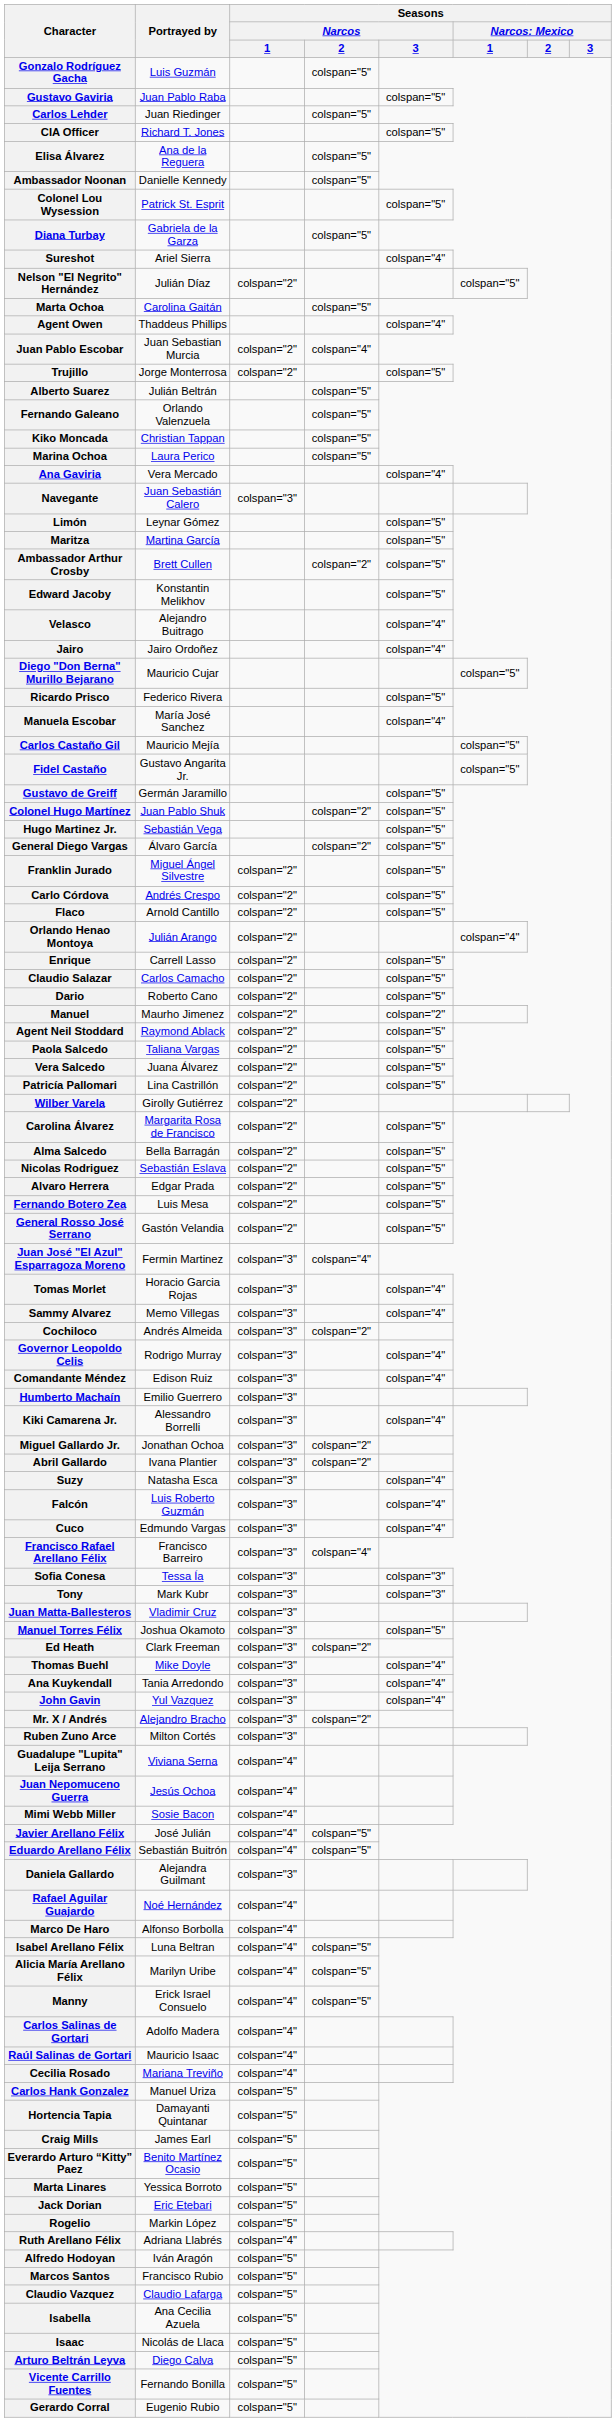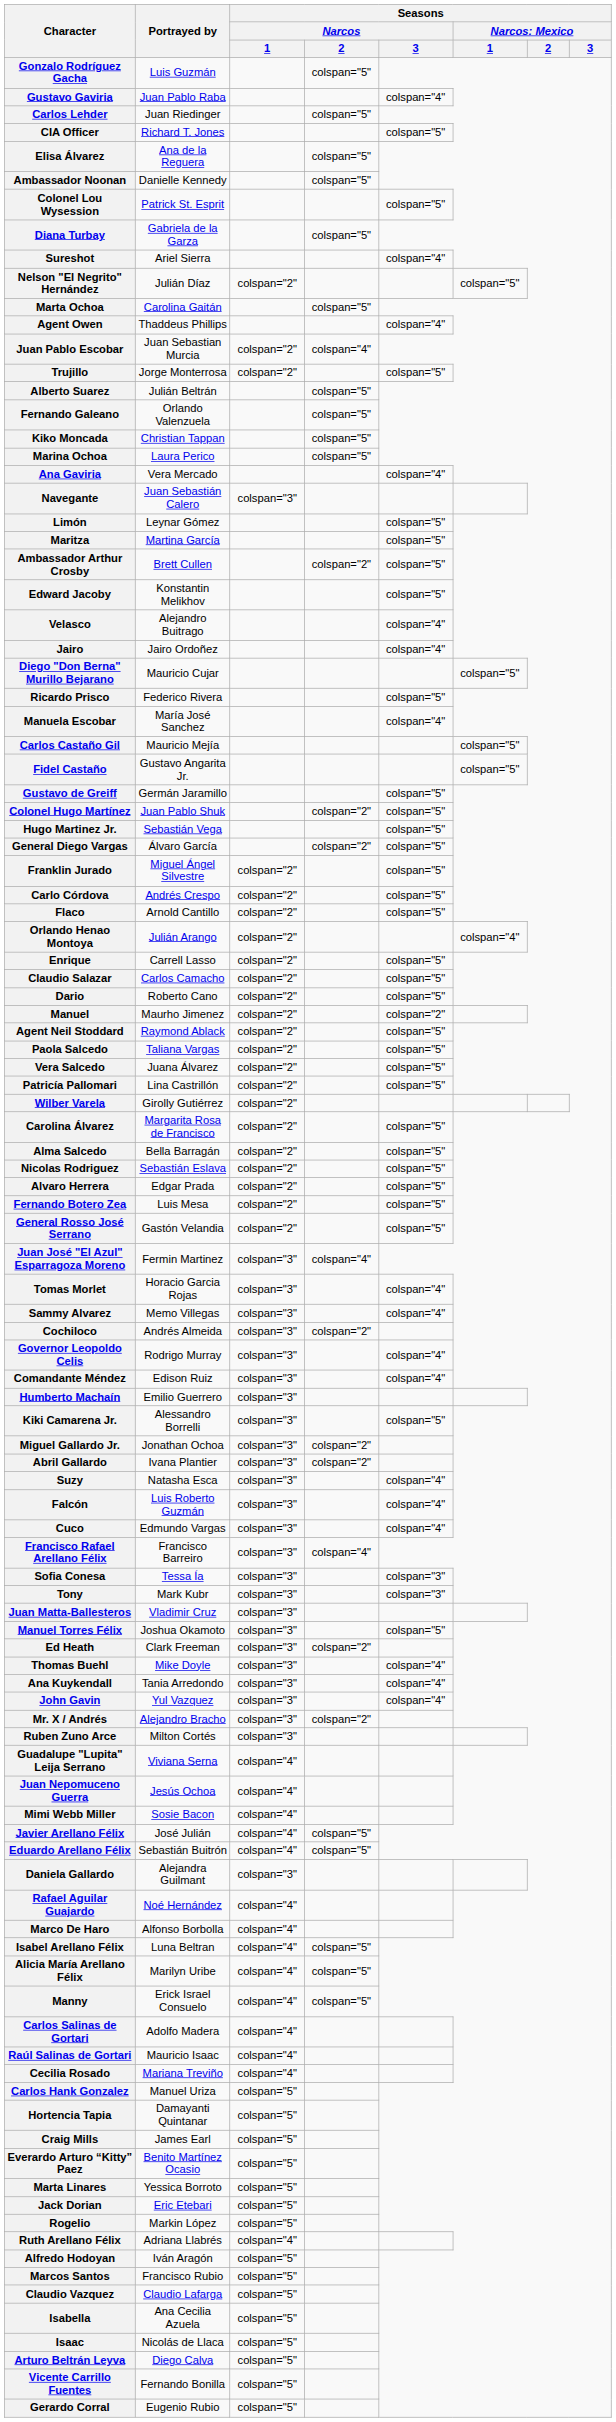 <table class="wikitable plainrowheaders" style="text-align:center;">
 <tr>
 <th scope="col" rowspan="3" style="width: 300px;">Character</th>
 <th scope="col" rowspan="3" style="width: 200px;">Portrayed by</th>
 <th scope="col" colspan="6">Seasons</th>
 </tr>
 <tr>
 <th colspan="3"><em><a href='#'>Narcos</a></em></th>
 <th colspan="3"><em><a href='#'>Narcos: Mexico</a></em></th>
 </tr>
 <tr>
 <th scope="col" style="width: 120px;"><a href='#'>1</a></th>
 <th scope="col" style="width: 120px;"><a href='#'>2</a></th>
 <th scope="col" style="width: 120px;"><a href='#'>3</a></th>
 <th scope="col" style="width: 120px;"><a href='#'>1</a></th>
 <th scope="col" style="width: 120px;"><a href='#'>2</a></th>
 <th scope="col" style="width: 120px;"><a href='#'>3</a></th>
 </tr>
 <tr>
 <th scope="row"><a href='#'>Gonzalo Rodríguez Gacha</a></th>
 <td><a href='#'>Luis Guzmán</a></td>
 <td></td>
 <td>colspan="5" </td>
 </tr>
 <tr>
 <th scope="row"><a href='#'>Gustavo Gaviria</a></th>
 <td><a href='#'>Juan Pablo Raba</a></td>
 <td></td>
 <td></td>
-<td>colspan="5" </td>
+<td>colspan="4" </td>
 </tr>
 <tr>
 <th scope="row"><a href='#'>Carlos Lehder</a></th>
 <td>Juan Riedinger</td>
 <td></td>
 <td>colspan="5" </td>
 </tr>
 <tr>
 <th scope="row">CIA Officer</th>
 <td><a href='#'>Richard T. Jones</a></td>
 <td></td>
 <td></td>
 <td>colspan="5" </td>
 </tr>
 <tr>
 <th scope="row">Elisa Álvarez</th>
 <td><a href='#'>Ana de la Reguera</a></td>
 <td></td>
 <td>colspan="5" </td>
 </tr>
 <tr>
 <th scope="row">Ambassador Noonan</th>
 <td>Danielle Kennedy</td>
 <td></td>
 <td>colspan="5" </td>
 </tr>
 <tr>
 <th scope="row">Colonel Lou Wysession</th>
 <td><a href='#'>Patrick St. Esprit</a></td>
 <td></td>
 <td></td>
 <td>colspan="5" </td>
 </tr>
 <tr>
 <th scope="row"><a href='#'>Diana Turbay</a></th>
 <td><a href='#'>Gabriela de la Garza</a></td>
 <td></td>
 <td>colspan="5" </td>
 </tr>
 <tr>
 <th scope="row">Sureshot</th>
 <td>Ariel Sierra</td>
 <td></td>
 <td></td>
 <td>colspan="4" </td>
 </tr>
 <tr>
 <th scope="row">Nelson "El Negrito" Hernández</th>
 <td>Julián Díaz</td>
 <td>colspan="2" </td>
 <td></td>
 <td></td>
 <td>colspan="5" </td>
 </tr>
 <tr>
 <th scope="row">Marta Ochoa</th>
 <td><a href='#'>Carolina Gaitán</a></td>
 <td></td>
 <td>colspan="5" </td>
 </tr>
 <tr>
 <th scope="row">Agent Owen</th>
 <td>Thaddeus Phillips</td>
 <td></td>
 <td></td>
 <td>colspan="4" </td>
 </tr>
 <tr>
 <th scope="row">Juan Pablo Escobar</th>
 <td>Juan Sebastian Murcia</td>
 <td>colspan="2" </td>
 <td>colspan="4" </td>
 </tr>
 <tr>
 <th scope="row">Trujillo</th>
 <td>Jorge Monterrosa</td>
 <td>colspan="2" </td>
 <td></td>
 <td>colspan="5" </td>
 </tr>
 <tr>
 <th scope="row">Alberto Suarez</th>
 <td>Julián Beltrán</td>
 <td></td>
 <td>colspan="5" </td>
 </tr>
 <tr>
 <th scope="row">Fernando Galeano</th>
 <td>Orlando Valenzuela</td>
 <td></td>
 <td>colspan="5" </td>
 </tr>
 <tr>
 <th scope="row">Kiko Moncada</th>
 <td><a href='#'>Christian Tappan</a></td>
 <td></td>
 <td>colspan="5" </td>
 </tr>
 <tr>
 <th scope="row">Marina Ochoa</th>
 <td><a href='#'>Laura Perico</a></td>
 <td></td>
 <td>colspan="5" </td>
 </tr>
 <tr>
 <th scope="row"><a href='#'>Ana Gaviria</a></th>
 <td>Vera Mercado</td>
 <td></td>
 <td></td>
 <td>colspan="4" </td>
 </tr>
 <tr>
 <th scope="row">Navegante</th>
 <td><a href='#'>Juan Sebastián Calero</a></td>
 <td>colspan="3" </td>
 <td></td>
 <td></td>
 <td></td>
 </tr>
 <tr>
 <th scope="row">Limón</th>
 <td>Leynar Gómez</td>
 <td></td>
 <td></td>
 <td>colspan="5" </td>
 </tr>
 <tr>
 <th scope="row">Maritza</th>
 <td><a href='#'>Martina García</a></td>
 <td></td>
 <td></td>
 <td>colspan="5" </td>
 </tr>
 <tr>
 <th scope="row">Ambassador Arthur Crosby</th>
 <td><a href='#'>Brett Cullen</a></td>
 <td></td>
 <td>colspan="2" </td>
 <td>colspan="5" </td>
 </tr>
 <tr>
 <th scope="row">Edward Jacoby</th>
 <td>Konstantin Melikhov</td>
 <td></td>
 <td></td>
 <td>colspan="5" </td>
 </tr>
 <tr>
 <th scope="row">Velasco</th>
 <td>Alejandro Buitrago</td>
 <td></td>
 <td></td>
 <td>colspan="4" </td>
 </tr>
 <tr>
 <th scope="row">Jairo</th>
 <td>Jairo Ordoñez</td>
 <td></td>
 <td></td>
 <td>colspan="4" </td>
 </tr>
 <tr>
 <th scope="row"><a href='#'>Diego "Don Berna" Murillo Bejarano</a></th>
 <td>Mauricio Cujar</td>
 <td></td>
 <td></td>
 <td></td>
 <td>colspan="5" </td>
 </tr>
 <tr>
 <th scope="row">Ricardo Prisco</th>
 <td>Federico Rivera</td>
 <td></td>
 <td></td>
 <td>colspan="5" </td>
 </tr>
 <tr>
 <th scope="row">Manuela Escobar</th>
 <td>María José Sanchez</td>
 <td></td>
 <td></td>
 <td>colspan="4" </td>
 </tr>
 <tr>
 <th scope="row"><a href='#'>Carlos Castaño Gil</a></th>
 <td>Mauricio Mejía</td>
 <td></td>
 <td></td>
 <td></td>
 <td>colspan="5" </td>
 </tr>
 <tr>
 <th scope="row"><a href='#'>Fidel Castaño</a></th>
 <td>Gustavo Angarita Jr.</td>
 <td></td>
 <td></td>
 <td></td>
 <td>colspan="5" </td>
 </tr>
 <tr>
 <th scope="row"><a href='#'>Gustavo de Greiff</a></th>
 <td>Germán Jaramillo</td>
 <td></td>
 <td></td>
 <td>colspan="5" </td>
 </tr>
 <tr>
 <th scope="row"><a href='#'>Colonel Hugo Martínez</a></th>
 <td><a href='#'>Juan Pablo Shuk</a></td>
 <td></td>
 <td>colspan="2" </td>
 <td>colspan="5" </td>
 </tr>
 <tr>
 <th scope="row">Hugo Martinez Jr.</th>
 <td><a href='#'>Sebastián Vega</a></td>
 <td></td>
 <td></td>
 <td>colspan="5" </td>
 </tr>
 <tr>
 <th scope="row">General Diego Vargas</th>
 <td>Álvaro García</td>
 <td></td>
 <td>colspan="2" </td>
 <td>colspan="5" </td>
 </tr>
 <tr>
 <th scope="row">Franklin Jurado</th>
 <td><a href='#'>Miguel Ángel Silvestre</a></td>
 <td>colspan="2" </td>
 <td></td>
 <td>colspan="5" </td>
 </tr>
 <tr>
 <th scope="row">Carlo Córdova</th>
 <td><a href='#'>Andrés Crespo</a></td>
 <td>colspan="2" </td>
 <td></td>
 <td>colspan="5" </td>
 </tr>
 <tr>
 <th scope="row">Flaco</th>
 <td>Arnold Cantillo</td>
 <td>colspan="2" </td>
 <td></td>
 <td>colspan="5" </td>
 </tr>
 <tr>
 <th scope="row">Orlando Henao Montoya</th>
 <td><a href='#'>Julián Arango</a></td>
 <td>colspan="2" </td>
 <td></td>
 <td></td>
 <td>colspan="4" </td>
 </tr>
 <tr>
 <th scope="row">Enrique</th>
 <td>Carrell Lasso</td>
 <td>colspan="2" </td>
 <td></td>
 <td>colspan="5" </td>
 </tr>
 <tr>
 <th scope="row">Claudio Salazar</th>
 <td><a href='#'>Carlos Camacho</a></td>
 <td>colspan="2" </td>
 <td></td>
 <td>colspan="5" </td>
 </tr>
 <tr>
 <th scope="row">Dario</th>
 <td>Roberto Cano</td>
 <td>colspan="2" </td>
 <td></td>
 <td>colspan="5" </td>
 </tr>
 <tr>
 <th scope="row">Manuel</th>
 <td>Maurho Jimenez</td>
 <td>colspan="2" </td>
 <td></td>
 <td>colspan="2" </td>
 <td></td>
 </tr>
 <tr>
 <th scope="row">Agent Neil Stoddard</th>
 <td><a href='#'>Raymond Ablack</a></td>
 <td>colspan="2" </td>
 <td></td>
 <td>colspan="5" </td>
 </tr>
 <tr>
 <th scope="row">Paola Salcedo</th>
 <td><a href='#'>Taliana Vargas</a></td>
 <td>colspan="2" </td>
 <td></td>
 <td>colspan="5" </td>
 </tr>
 <tr>
 <th scope="row">Vera Salcedo</th>
 <td>Juana Álvarez</td>
 <td>colspan="2" </td>
 <td></td>
 <td>colspan="5" </td>
 </tr>
 <tr>
 <th scope="row">Patricía Pallomari</th>
 <td>Lina Castrillón</td>
 <td>colspan="2" </td>
 <td></td>
 <td>colspan="5" </td>
 </tr>
 <tr>
 <th scope="row"><a href='#'>Wilber Varela</a></th>
 <td>Girolly Gutiérrez</td>
 <td>colspan="2" </td>
 <td></td>
 <td></td>
 <td></td>
 <td></td>
 </tr>
 <tr>
 <th scope="row">Carolina Álvarez</th>
 <td><a href='#'>Margarita Rosa de Francisco</a></td>
 <td>colspan="2" </td>
 <td></td>
 <td>colspan="5" </td>
 </tr>
 <tr>
 <th scope="row">Alma Salcedo</th>
 <td>Bella Barragán</td>
 <td>colspan="2" </td>
 <td></td>
 <td>colspan="5" </td>
 </tr>
 <tr>
 <th scope="row">Nicolas Rodriguez</th>
 <td><a href='#'>Sebastián Eslava</a></td>
 <td>colspan="2" </td>
 <td></td>
 <td>colspan="5" </td>
 </tr>
 <tr>
 <th scope="row">Alvaro Herrera</th>
 <td>Edgar Prada</td>
 <td>colspan="2" </td>
 <td></td>
 <td>colspan="5" </td>
 </tr>
 <tr>
 <th scope="row"><a href='#'>Fernando Botero Zea</a></th>
 <td>Luis Mesa</td>
 <td>colspan="2" </td>
 <td></td>
 <td>colspan="5" </td>
 </tr>
 <tr>
 <th scope="row"><a href='#'>General Rosso José Serrano</a></th>
 <td>Gastón Velandia</td>
 <td>colspan="2" </td>
 <td></td>
 <td>colspan="5" </td>
 </tr>
 <tr>
 <th scope="row"><a href='#'>Juan José "El Azul" Esparragoza Moreno</a></th>
 <td>Fermin Martinez</td>
 <td>colspan="3" </td>
 <td>colspan="4" </td>
 </tr>
 <tr>
 <th scope="row">Tomas Morlet</th>
 <td>Horacio Garcia Rojas</td>
 <td>colspan="3" </td>
 <td></td>
 <td>colspan="4" </td>
 </tr>
 <tr>
 <th scope="row">Sammy Alvarez</th>
 <td>Memo Villegas</td>
 <td>colspan="3" </td>
 <td></td>
 <td>colspan="4" </td>
 </tr>
 <tr>
 <th scope="row">Cochiloco</th>
 <td>Andrés Almeida</td>
 <td>colspan="3" </td>
 <td>colspan="2" </td>
 <td></td>
 </tr>
 <tr>
 <th scope="row"><a href='#'>Governor Leopoldo Celis</a></th>
 <td>Rodrigo Murray</td>
 <td>colspan="3" </td>
 <td></td>
 <td>colspan="4" </td>
 </tr>
 <tr>
 <th scope="row">Comandante Méndez</th>
 <td>Edison Ruiz</td>
 <td>colspan="3" </td>
 <td></td>
 <td>colspan="4" </td>
 </tr>
 <tr>
 <th scope="row"><a href='#'>Humberto Machaín</a></th>
 <td>Emilio Guerrero</td>
 <td>colspan="3" </td>
 <td></td>
 <td></td>
 <td></td>
 </tr>
 <tr>
 <th scope="row">Kiki Camarena Jr.</th>
 <td>Alessandro Borrelli</td>
 <td>colspan="3" </td>
 <td></td>
-<td>colspan="4" </td>
+<td>colspan="5" </td>
 </tr>
 <tr>
 <th scope="row">Miguel Gallardo Jr.</th>
 <td>Jonathan Ochoa</td>
 <td>colspan="3" </td>
 <td>colspan="2" </td>
 <td></td>
 </tr>
 <tr>
 <th scope="row">Abril Gallardo</th>
 <td>Ivana Plantier</td>
 <td>colspan="3" </td>
 <td>colspan="2" </td>
 <td></td>
 </tr>
 <tr>
 <th scope="row">Suzy</th>
 <td>Natasha Esca</td>
 <td>colspan="3" </td>
 <td></td>
 <td>colspan="4" </td>
 </tr>
 <tr>
 <th scope="row">Falcón</th>
 <td><a href='#'>Luis Roberto Guzmán</a></td>
 <td>colspan="3" </td>
 <td></td>
 <td>colspan="4" </td>
 </tr>
 <tr>
 <th scope="row">Cuco</th>
 <td>Edmundo Vargas</td>
 <td>colspan="3" </td>
 <td></td>
 <td>colspan="4" </td>
 </tr>
 <tr>
 <th scope="row"><a href='#'>Francisco Rafael Arellano Félix</a></th>
 <td>Francisco Barreiro</td>
 <td>colspan="3" </td>
 <td>colspan="4" </td>
 </tr>
 <tr>
 <th scope="row">Sofia Conesa</th>
 <td><a href='#'>Tessa Ía</a></td>
 <td>colspan="3" </td>
 <td></td>
 <td>colspan="3" </td>
 </tr>
 <tr>
 <th scope="row">Tony</th>
 <td>Mark Kubr</td>
 <td>colspan="3" </td>
 <td></td>
 <td>colspan="3" </td>
 </tr>
 <tr>
 <th scope="row"><a href='#'>Juan Matta-Ballesteros</a></th>
 <td><a href='#'>Vladimir Cruz</a></td>
 <td>colspan="3" </td>
 <td></td>
 <td></td>
 <td></td>
 </tr>
 <tr>
 <th scope="row"><a href='#'>Manuel Torres Félix</a></th>
 <td>Joshua Okamoto</td>
 <td>colspan="3" </td>
 <td></td>
 <td>colspan="5" </td>
 </tr>
 <tr>
 <th scope="row">Ed Heath</th>
 <td>Clark Freeman</td>
 <td>colspan="3" </td>
 <td>colspan="2" </td>
 <td></td>
 </tr>
 <tr>
 <th scope="row">Thomas Buehl</th>
 <td><a href='#'>Mike Doyle</a></td>
 <td>colspan="3" </td>
 <td></td>
 <td>colspan="4" </td>
 </tr>
 <tr>
 <th scope="row">Ana Kuykendall</th>
 <td>Tania Arredondo</td>
 <td>colspan="3" </td>
 <td></td>
 <td>colspan="4" </td>
 </tr>
 <tr>
 <th scope="row"><a href='#'>John Gavin</a></th>
 <td><a href='#'>Yul Vazquez</a></td>
 <td>colspan="3" </td>
 <td></td>
 <td>colspan="4" </td>
 </tr>
 <tr>
 <th scope="row">Mr. X / Andrés</th>
 <td><a href='#'>Alejandro Bracho</a></td>
 <td>colspan="3" </td>
 <td>colspan="2" </td>
 <td></td>
 </tr>
 <tr>
 <th scope="row">Ruben Zuno Arce</th>
 <td>Milton Cortés</td>
 <td>colspan="3" </td>
 <td></td>
 <td></td>
 <td></td>
 </tr>
 <tr>
 <th scope="row">Guadalupe "Lupita" Leija Serrano</th>
 <td><a href='#'>Viviana Serna</a></td>
 <td>colspan="4" </td>
 <td></td>
 <td></td>
 </tr>
 <tr>
 <th scope="row"><a href='#'>Juan Nepomuceno Guerra</a></th>
 <td><a href='#'>Jesús Ochoa</a></td>
 <td>colspan="4" </td>
 <td></td>
 <td></td>
 </tr>
 <tr>
 <th scope="row">Mimi Webb Miller</th>
 <td><a href='#'>Sosie Bacon</a></td>
 <td>colspan="4" </td>
 <td></td>
 <td></td>
 </tr>
 <tr>
 <th scope="row"><a href='#'>Javier Arellano Félix</a></th>
 <td>José Julián</td>
 <td>colspan="4" </td>
 <td>colspan="5" </td>
 </tr>
 <tr>
 <th scope="row"><a href='#'>Eduardo Arellano Félix</a></th>
 <td>Sebastián Buitrón</td>
 <td>colspan="4" </td>
 <td>colspan="5" </td>
 </tr>
 <tr>
 <th scope="row">Daniela Gallardo</th>
 <td>Alejandra Guilmant</td>
 <td>colspan="3" </td>
 <td></td>
 <td></td>
 <td></td>
 </tr>
 <tr>
 <th scope="row"><a href='#'>Rafael Aguilar Guajardo</a></th>
 <td><a href='#'>Noé Hernández</a></td>
 <td>colspan="4" </td>
 <td></td>
 <td></td>
 </tr>
 <tr>
 <th scope="row">Marco De Haro</th>
 <td>Alfonso Borbolla</td>
 <td>colspan="4" </td>
 <td></td>
 <td></td>
 </tr>
 <tr>
 <th scope="row">Isabel Arellano Félix</th>
 <td>Luna Beltran</td>
 <td>colspan="4" </td>
 <td>colspan="5" </td>
 </tr>
 <tr>
 <th scope="row">Alicia María Arellano Félix</th>
 <td>Marilyn Uribe</td>
 <td>colspan="4" </td>
 <td>colspan="5" </td>
 </tr>
 <tr>
 <th scope="row">Manny</th>
 <td>Erick Israel Consuelo</td>
 <td>colspan="4" </td>
 <td>colspan="5" </td>
 </tr>
 <tr>
 <th scope="row"><a href='#'>Carlos Salinas de Gortari</a></th>
 <td>Adolfo Madera</td>
 <td>colspan="4" </td>
 <td></td>
 <td></td>
 </tr>
 <tr>
 <th scope="row"><a href='#'>Raúl Salinas de Gortari</a></th>
 <td>Mauricio Isaac</td>
 <td>colspan="4" </td>
 <td></td>
 <td></td>
 </tr>
 <tr>
 <th scope="row">Cecilia Rosado</th>
 <td><a href='#'>Mariana Treviño</a></td>
 <td>colspan="4" </td>
 <td></td>
 <td></td>
 </tr>
 <tr>
 <th scope="row"><a href='#'>Carlos Hank Gonzalez</a></th>
 <td>Manuel Uriza</td>
 <td>colspan="5" </td>
 <td></td>
 </tr>
 <tr>
 <th scope="row">Hortencia Tapia</th>
 <td>Damayanti Quintanar</td>
 <td>colspan="5" </td>
 <td></td>
 </tr>
 <tr>
 <th scope="row">Craig Mills</th>
 <td>James Earl</td>
 <td>colspan="5" </td>
 <td></td>
 </tr>
 <tr>
 <th scope="row">Everardo Arturo “Kitty” Paez</th>
 <td><a href='#'>Benito Martínez Ocasio</a></td>
 <td>colspan="5" </td>
 <td></td>
 </tr>
 <tr>
 <th scope="row">Marta Linares</th>
 <td>Yessica Borroto</td>
 <td>colspan="5" </td>
 <td></td>
 </tr>
 <tr>
 <th scope="row">Jack Dorian</th>
 <td><a href='#'>Eric Etebari</a></td>
 <td>colspan="5" </td>
 <td></td>
 </tr>
 <tr>
 <th scope="row">Rogelio</th>
 <td>Markin López</td>
 <td>colspan="5" </td>
 <td></td>
 </tr>
 <tr>
 <th scope="row">Ruth Arellano Félix</th>
 <td>Adriana Llabrés</td>
 <td>colspan="4" </td>
 <td></td>
 <td></td>
 </tr>
 <tr>
 <th scope="row">Alfredo Hodoyan</th>
 <td>Iván Aragón</td>
 <td>colspan="5" </td>
 <td></td>
 </tr>
 <tr>
 <th scope="row">Marcos Santos</th>
 <td>Francisco Rubio</td>
 <td>colspan="5" </td>
 <td></td>
 </tr>
 <tr>
 <th scope="row">Claudio Vazquez</th>
 <td><a href='#'>Claudio Lafarga</a></td>
 <td>colspan="5" </td>
 <td></td>
 </tr>
 <tr>
 <th scope="row">Isabella</th>
 <td>Ana Cecilia Azuela</td>
 <td>colspan="5" </td>
 <td></td>
 </tr>
 <tr>
 <th scope="row">Isaac</th>
 <td>Nicolás de Llaca</td>
 <td>colspan="5" </td>
 <td></td>
 </tr>
 <tr>
 <th scope="row"><a href='#'>Arturo Beltrán Leyva</a></th>
 <td><a href='#'>Diego Calva</a></td>
 <td>colspan="5" </td>
 <td></td>
 </tr>
 <tr>
 <th scope="row"><a href='#'>Vicente Carrillo Fuentes</a></th>
 <td>Fernando Bonilla</td>
 <td>colspan="5" </td>
 <td></td>
 </tr>
 <tr>
 <th scope="row">Gerardo Corral</th>
 <td>Eugenio Rubio</td>
 <td>colspan="5" </td>
 <td></td>
 </tr>
 </table>
